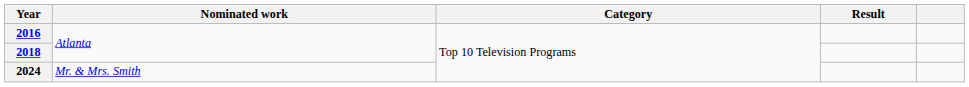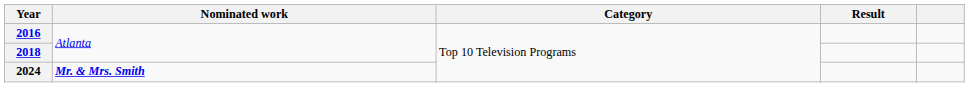 <table class="wikitable plainrowheaders" style="width:100%;">
 <tr>
 <th scope="col" style="width:5%;">Year</th>
 <th scope="col" style="width:40%;">Nominated work</th>
 <th scope="col" style="width:40%;">Category</th>
 <th scope="col" style="width:10%;">Result</th>
 <th scope="col" style="width:5%;"></th>
 </tr>
 <tr>
 <th scope="row" style="text-align:center;"><a href='#'>2016</a></th>
 <td rowspan="2"><em><a href='#'>Atlanta</a></em></td>
 <td rowspan="3">Top 10 Television Programs</td>
 <td></td>
 <td style="text-align:center;"></td>
 </tr>
 <tr>
 <th scope="row" style="text-align:center;"><a href='#'>2018</a></th>
 <td></td>
 <td style="text-align:center;"></td>
 </tr>
 <tr>
 <th scope="row" style="text-align:center;">2024</th>
-<td><em><a href='#'>Mr. & Mrs. Smith</a></em></td>
+<td><strong><em><a href='#'>Mr. & Mrs. Smith</a></em></strong></td>
 <td></td>
 <td style="text-align:center;"></td>
 </tr>
 </table>
